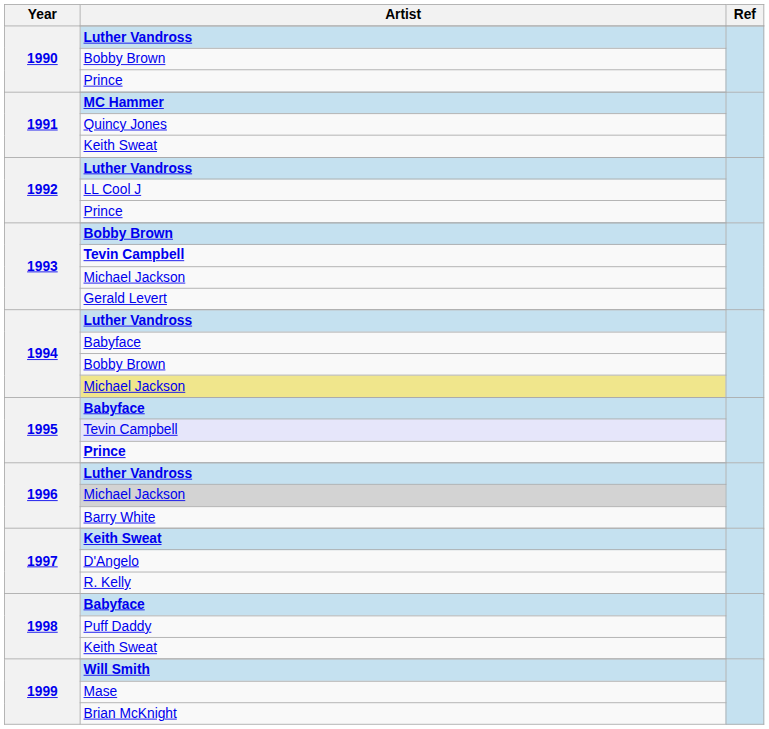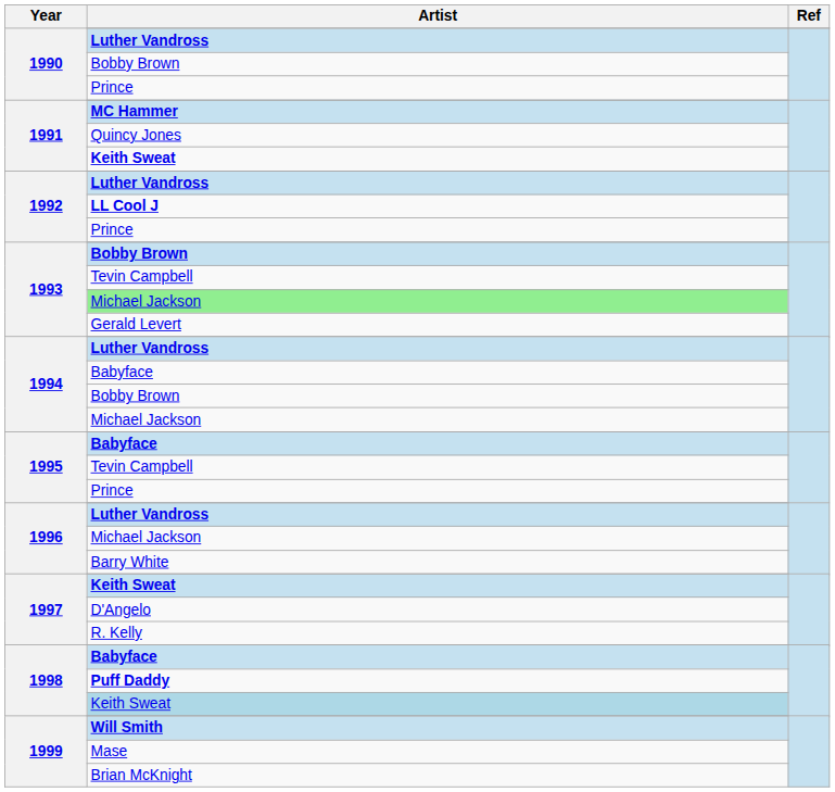 <table class="wikitable" width="100%">
 <tr>
 <th width="10%">Year</th>
 <th width="85%">Artist</th>
 <th width="5%">Ref</th>
 </tr>
 <tr>
 <th rowspan="4" align="center"><a href='#'>1990<br></a></th>
 </tr>
 <tr style="background:#c5e1f0">
 <td><strong><a href='#'>Luther Vandross</a></strong></td>
 <td rowspan="4" align="center"></td>
 </tr>
 <tr>
 <td><a href='#'>Bobby Brown</a></td>
 </tr>
 <tr>
 <td><a href='#'>Prince</a></td>
 </tr>
 <tr>
 <th rowspan="4" align="center"><a href='#'>1991<br></a></th>
 </tr>
 <tr style="background:#c5e1f0">
 <td><strong><a href='#'>MC Hammer</a></strong></td>
 <td rowspan="4" align="center"></td>
 </tr>
 <tr>
 <td><a href='#'>Quincy Jones</a></td>
 </tr>
 <tr>
-<td><a href='#'>Keith Sweat</a></td>
+<td><strong><a href='#'>Keith Sweat</a></strong></td>
 </tr>
 <tr>
 <th rowspan="4" align="center"><a href='#'>1992<br></a></th>
 </tr>
 <tr style="background:#c5e1f0">
 <td><strong><a href='#'>Luther Vandross</a></strong></td>
 <td rowspan="4" align="center"></td>
 </tr>
 <tr>
-<td><a href='#'>LL Cool J</a></td>
+<td><strong><a href='#'>LL Cool J</a></strong></td>
 </tr>
 <tr>
 <td><a href='#'>Prince</a></td>
 </tr>
 <tr>
 <th rowspan="5" align="center"><a href='#'>1993<br></a></th>
 </tr>
 <tr style="background:#c5e1f0">
 <td><strong><a href='#'>Bobby Brown</a></strong></td>
 <td rowspan="5" align="center"></td>
 </tr>
 <tr>
-<td><strong><a href='#'>Tevin Campbell</a></strong></td>
+<td><a href='#'>Tevin Campbell</a></td>
 </tr>
 <tr>
-<td><a href='#'>Michael Jackson</a></td>
+<td style="background: lightgreen;"><a href='#'>Michael Jackson</a></td>
 </tr>
 <tr>
 <td><a href='#'>Gerald Levert</a></td>
 </tr>
 <tr>
 <th rowspan="5" align="center"><a href='#'>1994<br></a></th>
 </tr>
 <tr style="background:#c5e1f0">
 <td><strong><a href='#'>Luther Vandross</a></strong></td>
 <td rowspan="5" align="center"></td>
 </tr>
 <tr>
 <td><a href='#'>Babyface</a></td>
 </tr>
 <tr>
 <td><a href='#'>Bobby Brown</a></td>
 </tr>
 <tr>
-<td style="background: khaki;"><a href='#'>Michael Jackson</a></td>
+<td><a href='#'>Michael Jackson</a></td>
 </tr>
 <tr>
 <th rowspan="4" align="center"><a href='#'>1995<br></a></th>
 </tr>
 <tr style="background:#c5e1f0">
 <td><strong><a href='#'>Babyface</a></strong></td>
 <td rowspan="4" align="center"></td>
 </tr>
 <tr>
-<td style="background: lavender;"><a href='#'>Tevin Campbell</a></td>
+<td><a href='#'>Tevin Campbell</a></td>
 </tr>
 <tr>
-<td><strong><a href='#'>Prince</a></strong></td>
+<td><a href='#'>Prince</a></td>
 </tr>
 <tr>
 <th rowspan="4" align="center"><a href='#'>1996<br></a></th>
 </tr>
 <tr style="background:#c5e1f0">
 <td><strong><a href='#'>Luther Vandross</a></strong></td>
 <td rowspan="4" align="center"></td>
 </tr>
 <tr>
-<td style="background: lightgrey;"><a href='#'>Michael Jackson</a></td>
+<td><a href='#'>Michael Jackson</a></td>
 </tr>
 <tr>
 <td><a href='#'>Barry White</a></td>
 </tr>
 <tr>
 <th rowspan="4" align="center"><a href='#'>1997<br></a></th>
 </tr>
 <tr style="background:#c5e1f0">
 <td><strong><a href='#'>Keith Sweat</a></strong></td>
 <td rowspan="4" align="center"></td>
 </tr>
 <tr>
 <td><a href='#'>D'Angelo</a></td>
 </tr>
 <tr>
 <td><a href='#'>R. Kelly</a></td>
 </tr>
 <tr>
 <th rowspan="4" align="center"><a href='#'>1998<br></a></th>
 </tr>
 <tr style="background:#c5e1f0">
 <td><strong><a href='#'>Babyface</a></strong></td>
 <td rowspan="4" align="center"></td>
 </tr>
 <tr>
-<td><a href='#'>Puff Daddy</a></td>
+<td><strong><a href='#'>Puff Daddy</a></strong></td>
 </tr>
 <tr>
-<td><a href='#'>Keith Sweat</a></td>
+<td style="background: lightblue;"><a href='#'>Keith Sweat</a></td>
 </tr>
 <tr>
 <th rowspan="4" align="center"><a href='#'>1999<br></a></th>
 </tr>
 <tr style="background:#c5e1f0">
 <td><strong><a href='#'>Will Smith</a></strong></td>
 <td rowspan="4" align="center"></td>
 </tr>
 <tr>
 <td><a href='#'>Mase</a></td>
 </tr>
 <tr>
 <td><a href='#'>Brian McKnight</a></td>
 </tr>
 </table>
